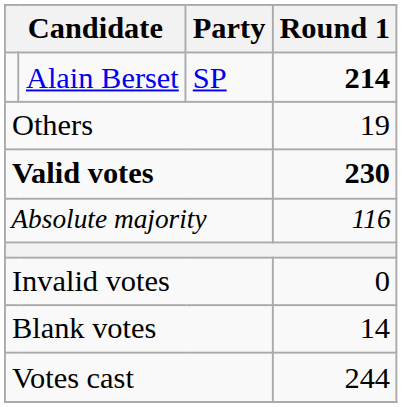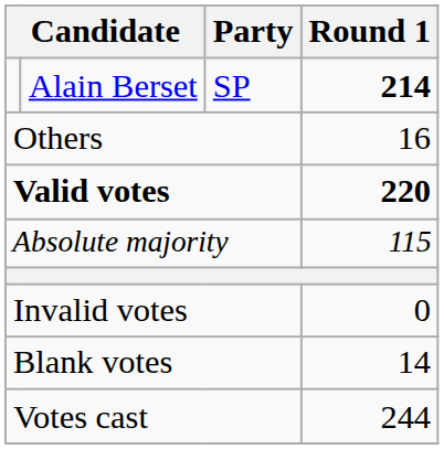 <table class="wikitable" style="text-align:right;">
 <tr>
 <th colspan=2>Candidate</th>
 <th>Party</th>
 <th>Round 1</th>
 </tr>
 <tr>
 <td style="background-color:"></td>
 <td style="text-align:left;"><a href='#'>Alain Berset</a></td>
 <td style="text-align:left;"><a href='#'>SP</a></td>
 <td><strong>214</strong></td>
 </tr>
 <tr>
 <td colspan=3 style="text-align:left;">Others</td>
-<td>19</td>
+<td>16</td>
 </tr>
 <tr style="font-weight:bold;">
 <td colspan=3 style="text-align:left;">Valid votes</td>
-<td>230</td>
+<td>220</td>
 </tr>
 <tr style="font-style:italic; font-size:90%;">
 <td colspan=3 style="text-align:left;">Absolute majority</td>
-<td>116</td>
+<td>115</td>
 </tr>
 <tr>
 <th colspan=10></th>
 </tr>
 <tr>
 <td colspan=3 style="text-align:left;">Invalid votes</td>
 <td>0</td>
 </tr>
 <tr>
 <td colspan=3 style="text-align:left;">Blank votes</td>
 <td>14</td>
 </tr>
 <tr>
 <td colspan=3 style="text-align:left;">Votes cast</td>
 <td>244</td>
 </tr>
 <tr>
 </tr>
 </table>
